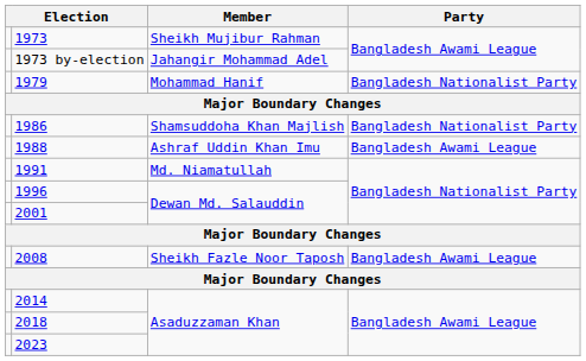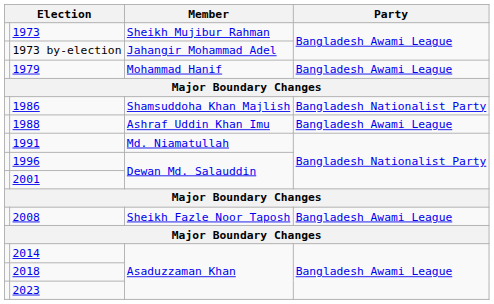 <table class="wikitable">
 <tr>
 <th colspan="2">Election</th>
 <th>Member</th>
 <th>Party</th>
 </tr>
 <tr>
 <td style="background-color:"></td>
 <td><a href='#'>1973</a></td>
 <td><a href='#'>Sheikh Mujibur Rahman</a></td>
 <td rowspan="2"><a href='#'>Bangladesh Awami League</a></td>
 </tr>
 <tr>
 <td style="background-color:"></td>
 <td>1973 by-election</td>
 <td><a href='#'>Jahangir Mohammad Adel</a></td>
 </tr>
 <tr>
 <td style="background-color:"></td>
 <td><a href='#'>1979</a></td>
 <td><a href='#'>Mohammad Hanif</a></td>
-<td><a href='#'>Bangladesh Nationalist Party</a></td>
+<td><a href='#'>Bangladesh Awami League</a></td>
 </tr>
 <tr>
 <th colspan="4">Major Boundary Changes</th>
 </tr>
 <tr>
 <td style="background-color:"></td>
 <td><a href='#'>1986</a></td>
 <td><a href='#'>Shamsuddoha Khan Majlish</a></td>
 <td><a href='#'>Bangladesh Nationalist Party</a></td>
 </tr>
 <tr>
 <td style="background-color:"></td>
 <td><a href='#'>1988</a></td>
 <td><a href='#'>Ashraf Uddin Khan Imu</a></td>
 <td><a href='#'>Bangladesh Awami League</a></td>
 </tr>
 <tr>
 <td style="background-color:"></td>
 <td><a href='#'>1991</a></td>
 <td><a href='#'>Md. Niamatullah</a></td>
 <td rowspan="3"><a href='#'>Bangladesh Nationalist Party</a></td>
 </tr>
 <tr>
 <td style="background-color:"></td>
 <td><a href='#'>1996</a></td>
 <td rowspan="2"><a href='#'>Dewan Md. Salauddin</a></td>
 </tr>
 <tr>
 <td style="background-color:"></td>
 <td><a href='#'>2001</a></td>
 </tr>
 <tr>
 <th colspan="4">Major Boundary Changes</th>
 </tr>
 <tr>
 <td style="background-color:"></td>
 <td><a href='#'>2008</a></td>
 <td><a href='#'>Sheikh Fazle Noor Taposh</a></td>
 <td><a href='#'>Bangladesh Awami League</a></td>
 </tr>
 <tr>
 <th colspan="4">Major Boundary Changes</th>
 </tr>
 <tr>
 <td style="background-color:"></td>
 <td><a href='#'>2014</a></td>
 <td rowspan="3"><a href='#'>Asaduzzaman Khan</a></td>
 <td rowspan="3"><a href='#'>Bangladesh Awami League</a></td>
 </tr>
 <tr>
 <td style="background-color:"></td>
 <td><a href='#'>2018</a></td>
 </tr>
 <tr>
 <td style="background-color:"></td>
 <td><a href='#'>2023</a></td>
 </tr>
 </table>
